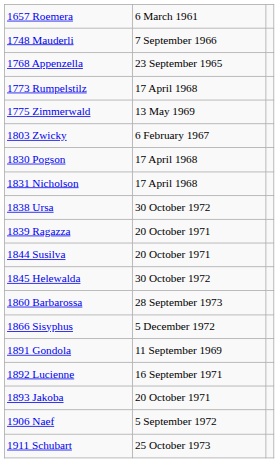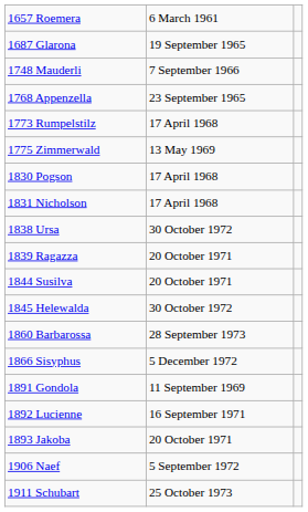 <table class="wikitable" style="font-size: 89%; float: left; width: 24em; margin-right: 1em; line-height: 1.65em !important; height: 540px;">
 <tr>
 <td><a href='#'>1657 Roemera</a></td>
 <td>6 March 1961</td>
+<td></td>
+</tr>
+<tr>
+<td><a href='#'>1687 Glarona</a></td>
+<td>19 September 1965</td>
 <td></td>
 </tr>
 <tr>
 <td><a href='#'>1748 Mauderli</a></td>
 <td>7 September 1966</td>
 <td></td>
 </tr>
 <tr>
 <td><a href='#'>1768 Appenzella</a></td>
 <td>23 September 1965</td>
 <td></td>
 </tr>
 <tr>
 <td><a href='#'>1773 Rumpelstilz</a></td>
 <td>17 April 1968</td>
 <td></td>
 </tr>
 <tr>
 <td><a href='#'>1775 Zimmerwald</a></td>
 <td>13 May 1969</td>
-<td></td>
-</tr>
-<tr>
-<td><a href='#'>1803 Zwicky</a></td>
-<td>6 February 1967</td>
 <td></td>
 </tr>
 <tr>
 <td><a href='#'>1830 Pogson</a></td>
 <td>17 April 1968</td>
 <td></td>
 </tr>
 <tr>
 <td><a href='#'>1831 Nicholson</a></td>
 <td>17 April 1968</td>
 <td></td>
 </tr>
 <tr>
 <td><a href='#'>1838 Ursa</a></td>
 <td>30 October 1972</td>
 <td></td>
 </tr>
 <tr>
 <td><a href='#'>1839 Ragazza</a></td>
 <td>20 October 1971</td>
 <td></td>
 </tr>
 <tr>
 <td><a href='#'>1844 Susilva</a></td>
 <td>20 October 1971</td>
 <td></td>
 </tr>
 <tr>
 <td><a href='#'>1845 Helewalda</a></td>
 <td>30 October 1972</td>
 <td></td>
 </tr>
 <tr>
 <td><a href='#'>1860 Barbarossa</a></td>
 <td>28 September 1973</td>
 <td></td>
 </tr>
 <tr>
 <td><a href='#'>1866 Sisyphus</a></td>
 <td>5 December 1972</td>
 <td></td>
 </tr>
 <tr>
 <td><a href='#'>1891 Gondola</a></td>
 <td>11 September 1969</td>
 <td></td>
 </tr>
 <tr>
 <td><a href='#'>1892 Lucienne</a></td>
 <td>16 September 1971</td>
 <td></td>
 </tr>
 <tr>
 <td><a href='#'>1893 Jakoba</a></td>
 <td>20 October 1971</td>
 <td></td>
 </tr>
 <tr>
 <td><a href='#'>1906 Naef</a></td>
 <td>5 September 1972</td>
 <td></td>
 </tr>
 <tr>
 <td><a href='#'>1911 Schubart</a></td>
 <td>25 October 1973</td>
 <td></td>
 </tr>
 </table>
